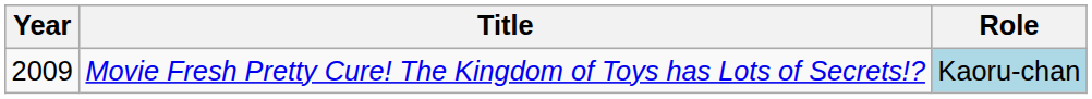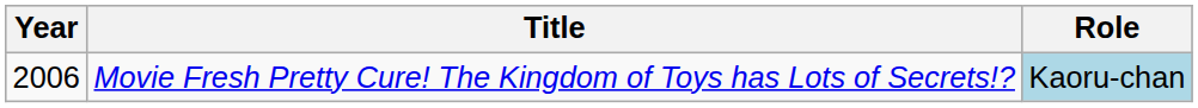 <table class="wikitable">
 <tr>
 <th>Year</th>
 <th>Title</th>
 <th>Role</th>
 </tr>
 <tr>
-<td>2009</td>
+<td>2006</td>
 <td><em><a href='#'>Movie Fresh Pretty Cure! The Kingdom of Toys has Lots of Secrets!?</a></em></td>
 <td style="background: lightblue;">Kaoru-chan</td>
 </tr>
 </table>
